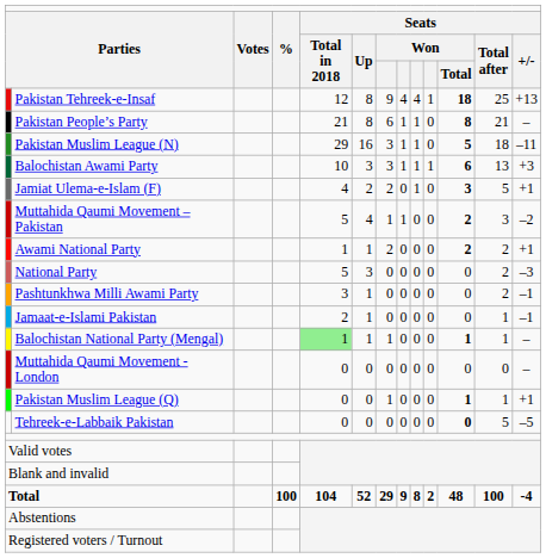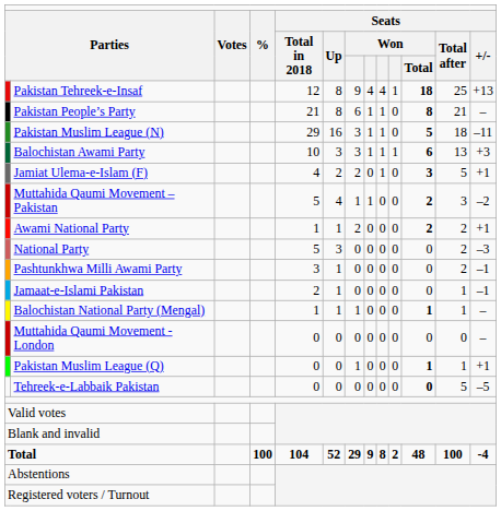 <table class="wikitable centre" style="text-align:right">
 <tr>
 <td colspan=15 align=center></td>
 </tr>
 <tr>
 <th scope=col colspan=2 rowspan=3>Parties</th>
 <th scope=col rowspan=3>Votes</th>
 <th scope=col rowspan=3>%</th>
 <th scope=col colspan=9>Seats</th>
 </tr>
 <tr>
 <th scope=col rowspan=2>Total in<br>2018</th>
 <th scope=col rowspan=2>Up</th>
 <th scope=col colspan=5>Won</th>
 <th scope=col rowspan=2>Total<br>after</th>
 <th scope=col rowspan=2>+/-</th>
 </tr>
 <tr>
 <th></th>
 <th></th>
 <th></th>
 <th></th>
 <th>Total</th>
 </tr>
 <tr>
 <td bgcolor=#E70A0A></td>
 <td align=left><a href='#'>Pakistan Tehreek-e-Insaf</a></td>
 <td></td>
 <td></td>
 <td>12</td>
 <td>8</td>
 <td>9</td>
 <td>4</td>
 <td>4</td>
 <td>1</td>
 <td><strong>18</strong></td>
 <td>25</td>
 <td align=center>+13</td>
 </tr>
 <tr>
 <td bgcolor=#000000></td>
 <td align=left><a href='#'>Pakistan People’s Party</a></td>
 <td></td>
 <td></td>
 <td>21</td>
 <td>8</td>
 <td>6</td>
 <td>1</td>
 <td>1</td>
 <td>0</td>
 <td><strong>8</strong></td>
 <td>21</td>
 <td align=center>–</td>
 </tr>
 <tr>
 <td bgcolor=#228b22></td>
 <td align=left><a href='#'>Pakistan Muslim League (N)</a></td>
 <td></td>
 <td></td>
 <td>29</td>
 <td>16</td>
 <td>3</td>
 <td>1</td>
 <td>1</td>
 <td>0</td>
 <td><strong>5</strong></td>
 <td>18</td>
 <td align=center>–11</td>
 </tr>
 <tr>
 <td bgcolor=#006537></td>
 <td align="left"><a href='#'>Balochistan Awami Party</a></td>
 <td></td>
 <td></td>
 <td>10</td>
 <td>3</td>
 <td>3</td>
 <td>1</td>
 <td>1</td>
 <td>1</td>
 <td><strong>6</strong></td>
 <td>13</td>
 <td align=center>+3</td>
 </tr>
 <tr>
 <td bgcolor=#696969></td>
 <td align="left"><a href='#'>Jamiat Ulema-e-Islam (F)</a></td>
 <td></td>
 <td></td>
 <td>4</td>
 <td>2</td>
 <td>2</td>
 <td>0</td>
 <td>1</td>
 <td>0</td>
 <td><strong>3</strong></td>
 <td>5</td>
 <td align=center>+1</td>
 </tr>
 <tr>
 <td bgcolor=#C80000></td>
 <td align="left"><a href='#'>Muttahida Qaumi Movement – Pakistan</a></td>
 <td></td>
 <td></td>
 <td>5</td>
 <td>4</td>
 <td>1</td>
 <td>1</td>
 <td>0</td>
 <td>0</td>
 <td><strong>2</strong></td>
 <td>3</td>
 <td align=center>–2</td>
 </tr>
 <tr>
 <td bgcolor=#FF0800></td>
 <td align="left"><a href='#'>Awami National Party</a></td>
 <td></td>
 <td></td>
 <td>1</td>
 <td>1</td>
 <td>2</td>
 <td>0</td>
 <td>0</td>
 <td>0</td>
 <td><strong>2</strong></td>
 <td>2</td>
 <td align=center>+1</td>
 </tr>
 <tr>
 <td bgcolor=#CD5C5C></td>
 <td align="left"><a href='#'>National Party</a></td>
 <td></td>
 <td></td>
 <td>5</td>
 <td>3</td>
 <td>0</td>
 <td>0</td>
 <td>0</td>
 <td>0</td>
 <td>0</td>
 <td>2</td>
 <td align=center>–3</td>
 </tr>
 <tr>
 <td bgcolor=#FFA500></td>
 <td align="left"><a href='#'>Pashtunkhwa Milli Awami Party</a></td>
 <td></td>
 <td></td>
 <td>3</td>
 <td>1</td>
 <td>0</td>
 <td>0</td>
 <td>0</td>
 <td>0</td>
 <td>0</td>
 <td>2</td>
 <td align=center>–1</td>
 </tr>
 <tr>
 <td bgcolor=#00AAE4></td>
 <td align="left"><a href='#'>Jamaat-e-Islami Pakistan</a></td>
 <td></td>
 <td></td>
 <td>2</td>
 <td>1</td>
 <td>0</td>
 <td>0</td>
 <td>0</td>
 <td>0</td>
 <td>0</td>
 <td>1</td>
 <td align=center>–1</td>
 </tr>
 <tr>
 <td bgcolor=#FFF700></td>
 <td align="left"><a href='#'>Balochistan National Party (Mengal)</a></td>
 <td></td>
 <td></td>
-<td style="background: lightgreen;">1</td>
+<td>1</td>
 <td>1</td>
 <td>1</td>
 <td>0</td>
 <td>0</td>
 <td>0</td>
 <td><strong>1</strong></td>
 <td>1</td>
 <td align=center>–</td>
 </tr>
 <tr>
 <td bgcolor=#C80000></td>
 <td align="left"><a href='#'>Muttahida Qaumi Movement  - London</a></td>
 <td></td>
 <td></td>
 <td>0</td>
 <td>0</td>
 <td>0</td>
 <td>0</td>
 <td>0</td>
 <td>0</td>
 <td>0</td>
 <td>0</td>
 <td align=center>–</td>
 </tr>
 <tr>
 <td bgcolor=#00FF00></td>
 <td align="left"><a href='#'>Pakistan Muslim League (Q)</a></td>
 <td></td>
 <td></td>
 <td>0</td>
 <td>0</td>
 <td>1</td>
 <td>0</td>
 <td>0</td>
 <td>0</td>
 <td><strong>1</strong></td>
 <td>1</td>
 <td align=center>+1</td>
 </tr>
 <tr>
 <td bgcolor=></td>
 <td align="left"><a href='#'>Tehreek-e-Labbaik Pakistan</a></td>
 <td></td>
 <td></td>
 <td>0</td>
 <td>0</td>
 <td>0</td>
 <td>0</td>
 <td>0</td>
 <td>0</td>
 <td><strong>0</strong></td>
 <td>5</td>
 <td align=center>–5</td>
 </tr>
 <tr>
 <td colspan="13"></td>
 </tr>
 <tr>
 <td align=left colspan=2>Valid votes</td>
 <td></td>
 <td></td>
 <td rowspan=2 colspan=9 bgcolor=#F4F4F4></td>
 </tr>
 <tr>
 <td align=left colspan=2>Blank and invalid</td>
 <td></td>
 <td></td>
 </tr>
 <tr style=font-weight:bold>
 <td align=left colspan=2>Total</td>
 <td></td>
 <td>100</td>
 <td align=center>104</td>
 <td align=center>52</td>
 <td align=center>29</td>
 <td align=center>9</td>
 <td align=center>8</td>
 <td align=center>2</td>
 <td align=center>48</td>
 <td align=center>100</td>
 <td align=center>-4</td>
 </tr>
 <tr>
 <td align=left colspan=2>Abstentions</td>
 <td></td>
 <td></td>
 <td rowspan=2 colspan=9 bgcolor=#F4F4F4></td>
 </tr>
 <tr>
 <td align=left colspan=2>Registered voters / Turnout</td>
 <td></td>
 <td></td>
 </tr>
 </table>
